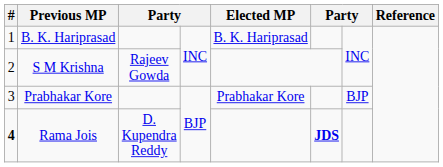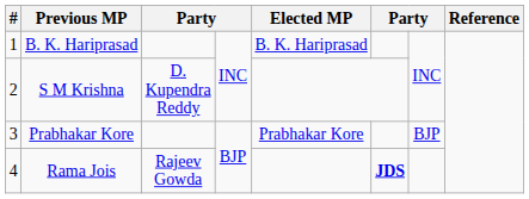 <table class="wikitable">
 <tr>
 <th>#</th>
 <th>Previous MP</th>
 <th colspan=2>Party</th>
 <th>Elected MP</th>
 <th colspan=2>Party</th>
 <th>Reference</th>
 </tr>
 <tr style="text-align:center;">
 <td>1</td>
 <td><a href='#'>B. K. Hariprasad</a></td>
 <td width="1px"></td>
 <td rowspan=2><a href='#'>INC</a></td>
 <td><a href='#'>B. K. Hariprasad</a></td>
 <td width="1px"></td>
 <td rowspan=2><a href='#'>INC</a></td>
 <td rowspan=4></td>
 </tr>
 <tr style="text-align:center;">
 <td>2</td>
 <td><a href='#'>S M Krishna</a></td>
-<td><a href='#'>Rajeev Gowda</a></td>
+<td><a href='#'>D. Kupendra Reddy</a></td>
 </tr>
 <tr style="text-align:center;">
 <td>3</td>
 <td><a href='#'>Prabhakar Kore</a></td>
 <td width="1px"></td>
 <td rowspan=2><a href='#'>BJP</a></td>
 <td><a href='#'>Prabhakar Kore</a></td>
 <td></td>
 <td><a href='#'>BJP</a></td>
 </tr>
 <tr style="text-align:center;">
-<td><strong>4</strong></td>
+<td>4</td>
 <td><a href='#'>Rama Jois</a></td>
-<td><a href='#'>D. Kupendra Reddy</a></td>
+<td><a href='#'>Rajeev Gowda</a></td>
 <td></td>
 <td><strong><a href='#'>JDS</a></strong></td>
 </tr>
 </table>
